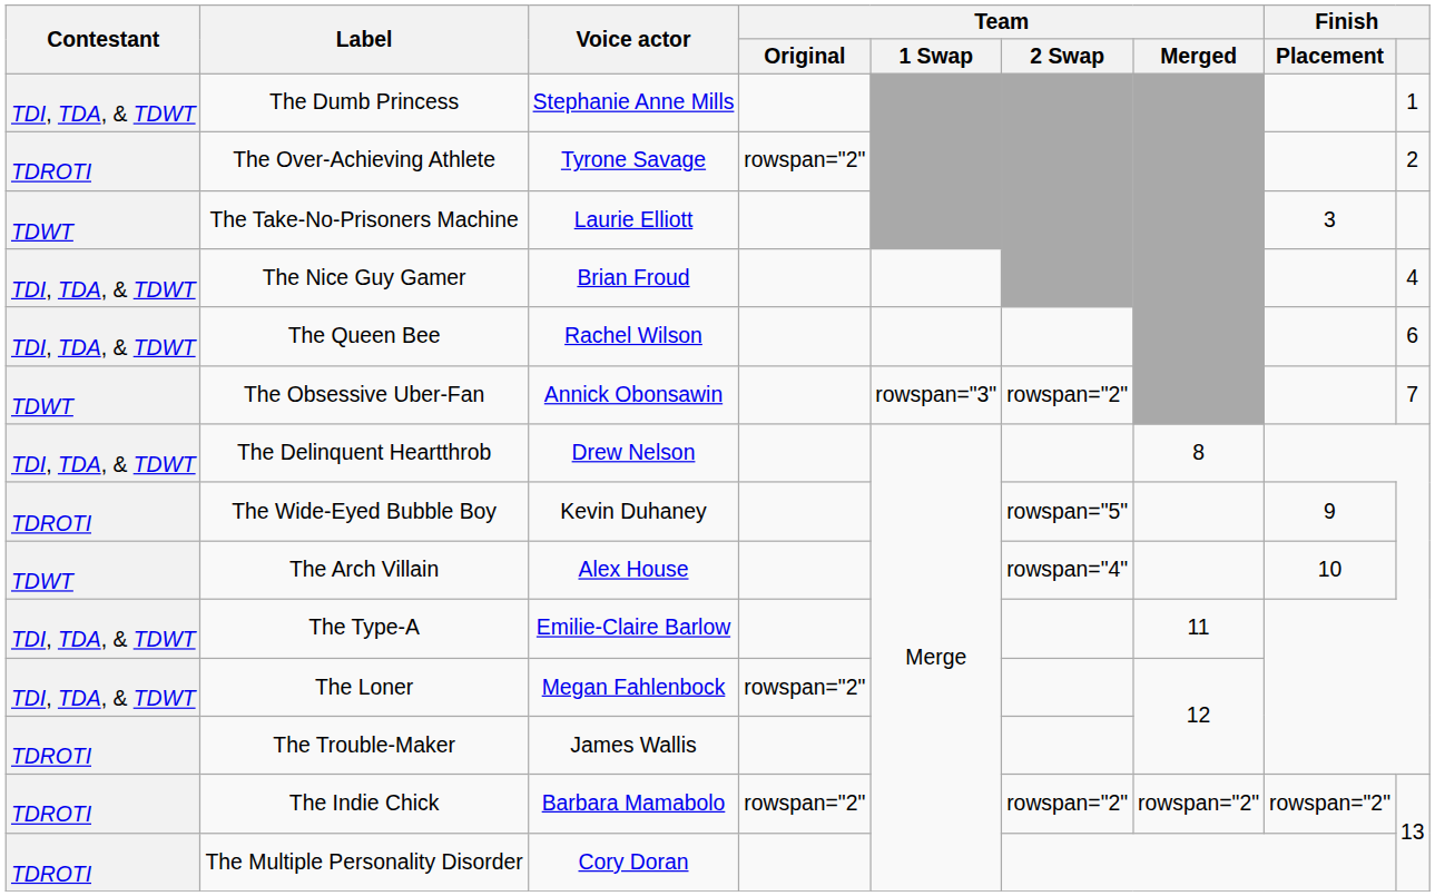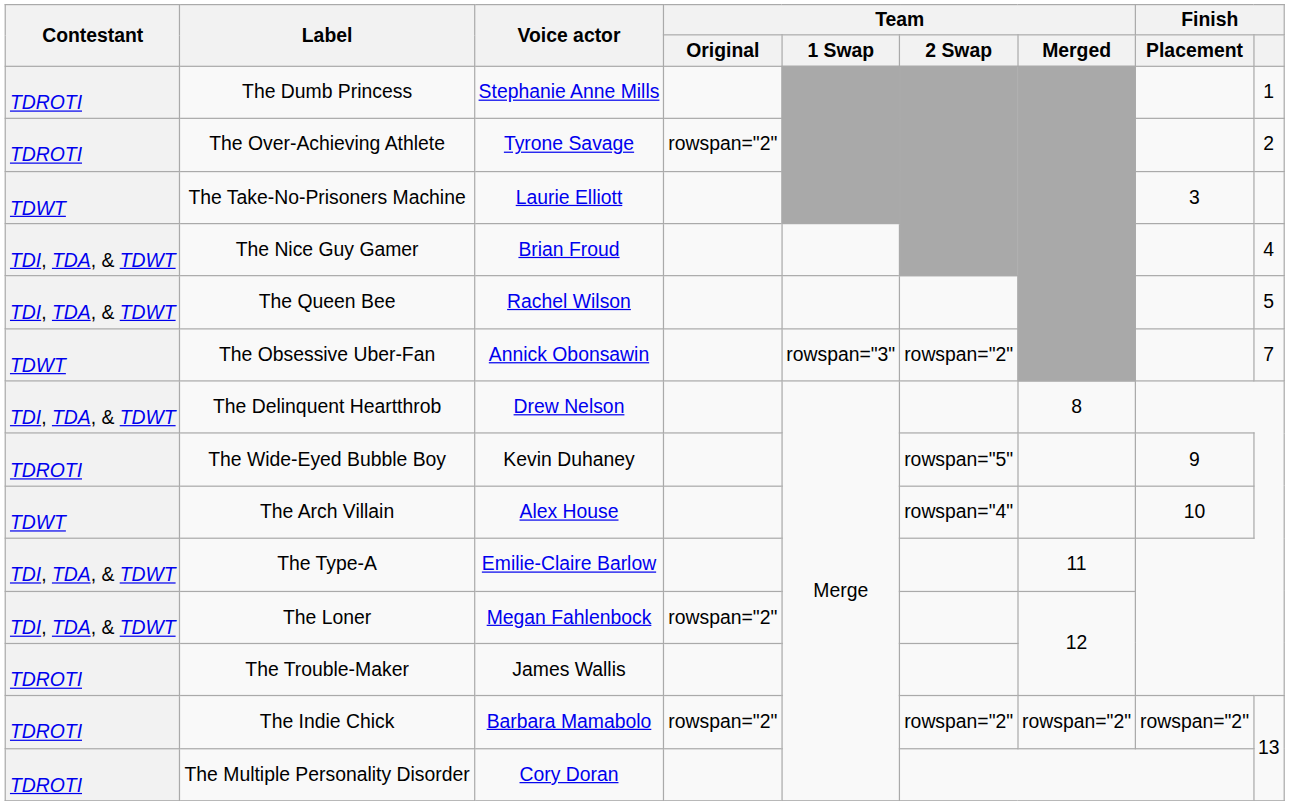 <table class="wikitable sortable" style="margin:auto; text-align:center">
 <tr>
 <th rowspan="2" scope="col">Contestant</th>
 <th rowspan="2" scope="col" class="unsortable">Label</th>
 <th rowspan="2" scope="col" class="unsortable">Voice actor</th>
 <th colspan="4" scope="colgroup">Team</th>
 <th colspan="2" scope="colgroup">Finish</th>
 </tr>
 <tr>
 <th scope="col">Original</th>
 <th scope="col">1 Swap</th>
 <th scope="col">2 Swap</th>
 <th scope="col" class="unsortable">Merged</th>
 <th scope="col" class="unsortable">Placement</th>
 <th scope="col" class="unsortable"></th>
 </tr>
 <tr>
-<th scope="row" style="text-align:left; font-weight:normal;"><strong></strong><br><em><a href='#'>TDI</a></em>, <em><a href='#'>TDA</a></em>, & <em><a href='#'>TDWT</a></em></th>
+<th scope="row" style="text-align:left; font-weight:normal;"><strong></strong><br><em><a href='#'>TDROTI</a></em></th>
 <td>The Dumb Princess</td>
 <td><a href='#'>Stephanie Anne Mills</a></td>
 <td></td>
 <td rowspan="3" style="background:darkgray;"></td>
 <td rowspan="4" style="background:darkgray;"></td>
 <td rowspan="6" style="background:darkgray;"></td>
 <td></td>
 <td>1</td>
 </tr>
 <tr>
 <th scope="row" style="text-align:left; font-weight:normal;"><strong></strong><br><em><a href='#'>TDROTI</a></em></th>
 <td>The Over-Achieving Athlete</td>
 <td><a href='#'>Tyrone Savage</a></td>
 <td>rowspan="2" </td>
 <td></td>
 <td>2</td>
 </tr>
 <tr>
 <th scope="row" style="text-align:left; font-weight:normal;"><strong></strong><br><em><a href='#'>TDWT</a></em></th>
 <td>The Take-No-Prisoners Machine</td>
 <td><a href='#'>Laurie Elliott</a></td>
 <td></td>
 <td>3</td>
 </tr>
 <tr>
 <th scope="row" style="text-align:left; font-weight:normal;"><strong></strong><br><em><a href='#'>TDI</a></em>, <em><a href='#'>TDA</a></em>, & <em><a href='#'>TDWT</a></em></th>
 <td>The Nice Guy Gamer</td>
 <td><a href='#'>Brian Froud</a></td>
 <td></td>
 <td></td>
 <td></td>
 <td>4</td>
 </tr>
 <tr>
 <th scope="row" style="text-align:left; font-weight:normal;"><strong></strong><br><em><a href='#'>TDI</a></em>, <em><a href='#'>TDA</a></em>, & <em><a href='#'>TDWT</a></em></th>
 <td>The Queen Bee</td>
 <td><a href='#'>Rachel Wilson</a></td>
 <td></td>
 <td></td>
 <td></td>
 <td></td>
-<td>6</td>
+<td>5</td>
 </tr>
 <tr>
 <th scope="row" style="text-align:left; font-weight:normal;"><strong></strong><br><em><a href='#'>TDWT</a></em></th>
 <td>The Obsessive Uber-Fan</td>
 <td><a href='#'>Annick Obonsawin</a></td>
 <td></td>
 <td>rowspan="3" </td>
 <td>rowspan="2" </td>
 <td></td>
 <td>7</td>
 </tr>
 <tr>
 <th scope="row" style="text-align:left; font-weight:normal;"><strong></strong><br><em><a href='#'>TDI</a></em>, <em><a href='#'>TDA</a></em>, & <em><a href='#'>TDWT</a></em></th>
 <td>The Delinquent Heartthrob</td>
 <td><a href='#'>Drew Nelson</a></td>
 <td></td>
 <td rowspan="8">Merge</td>
 <td></td>
 <td>8</td>
 </tr>
 <tr>
 <th scope="row" style="text-align:left; font-weight:normal;"><strong></strong><br><em><a href='#'>TDROTI</a></em></th>
 <td>The Wide-Eyed Bubble Boy</td>
 <td>Kevin Duhaney</td>
 <td></td>
 <td>rowspan="5" </td>
 <td></td>
 <td>9</td>
 </tr>
 <tr>
 <th scope="row" style="text-align:left; font-weight:normal;"><strong></strong><br><em><a href='#'>TDWT</a></em></th>
 <td>The Arch Villain</td>
 <td><a href='#'>Alex House</a></td>
 <td></td>
 <td>rowspan="4" </td>
 <td></td>
 <td>10</td>
 </tr>
 <tr>
 <th scope="row" style="text-align:left; font-weight:normal;"><strong></strong><br><em><a href='#'>TDI</a></em>, <em><a href='#'>TDA</a></em>, & <em><a href='#'>TDWT</a></em></th>
 <td>The Type-A</td>
 <td><a href='#'>Emilie-Claire Barlow</a></td>
 <td></td>
 <td></td>
 <td>11</td>
 </tr>
 <tr>
 <th scope="row" style="text-align:left; font-weight:normal;"><strong></strong><br><em><a href='#'>TDI</a></em>, <em><a href='#'>TDA</a></em>, & <em><a href='#'>TDWT</a></em></th>
 <td>The Loner</td>
 <td><a href='#'>Megan Fahlenbock</a></td>
 <td>rowspan="2" </td>
 <td></td>
 <td rowspan="2">12</td>
 </tr>
 <tr>
 <th scope="row" style="text-align:left; font-weight:normal;"><strong></strong><br><em><a href='#'>TDROTI</a></em></th>
 <td>The Trouble-Maker</td>
 <td>James Wallis</td>
 <td></td>
 </tr>
 <tr>
 <th scope="row" style="text-align:left; font-weight:normal;"><strong></strong><br><em><a href='#'>TDROTI</a></em></th>
 <td>The Indie Chick</td>
 <td><a href='#'>Barbara Mamabolo</a></td>
 <td>rowspan="2" </td>
 <td>rowspan="2" </td>
 <td>rowspan="2" </td>
 <td>rowspan="2" </td>
 <td rowspan="2">13</td>
 </tr>
 <tr>
 <th scope="row" style="text-align:left; font-weight:normal;"><strong></strong><br><em><a href='#'>TDROTI</a></em></th>
 <td>The Multiple Personality Disorder</td>
 <td><a href='#'>Cory Doran</a></td>
 </tr>
 </table>
